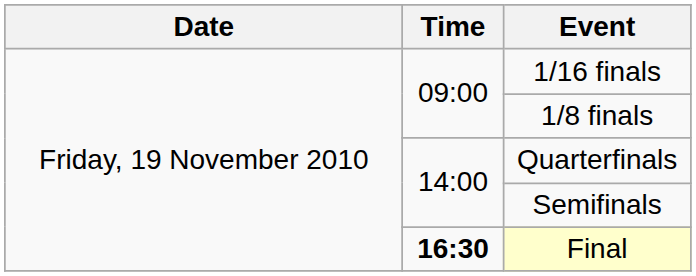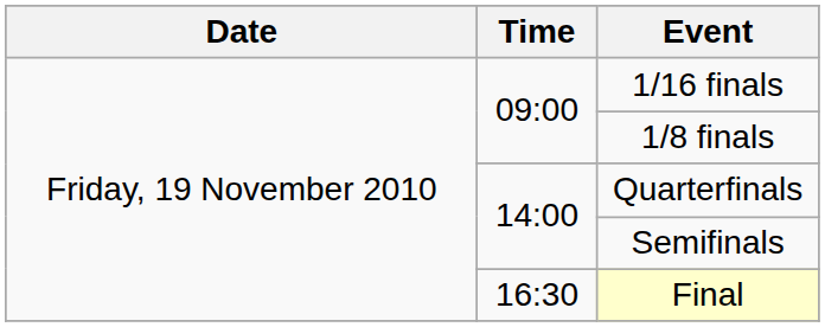 <table class = "wikitable" style="text-align:center;">
 <tr>
 <th width=220>Date</th>
 <th width=50>Time</th>
 <th width=100>Event</th>
 </tr>
 <tr>
 <td rowspan=5>Friday, 19 November 2010</td>
 <td rowspan=2>09:00</td>
 <td>1/16 finals</td>
 </tr>
 <tr>
 <td>1/8 finals</td>
 </tr>
 <tr>
 <td rowspan=2>14:00</td>
 <td>Quarterfinals</td>
 </tr>
 <tr>
 <td>Semifinals</td>
 </tr>
 <tr>
-<td><strong>16:30</strong></td>
+<td>16:30</td>
 <td bgcolor=ffffcc>Final</td>
 </tr>
 </table>
